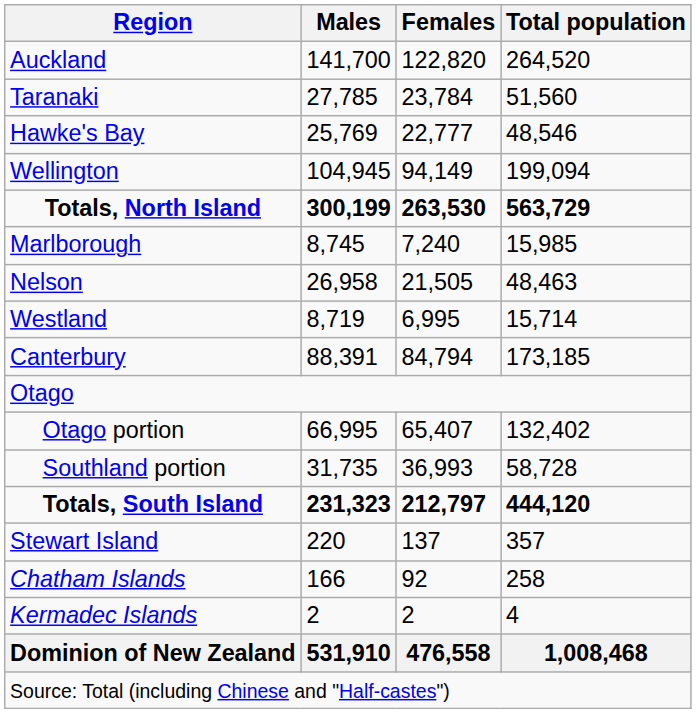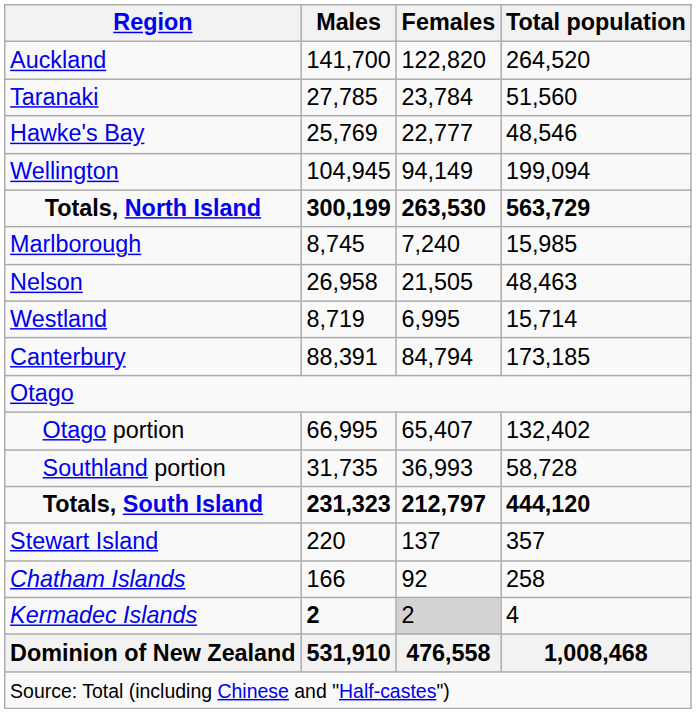 <table class="wikitable" style="text-align:left">
 <tr>
 <th><a href='#'>Region</a></th>
 <th>Males</th>
 <th>Females</th>
 <th>Total population</th>
 </tr>
 <tr>
 <td><a href='#'>Auckland</a></td>
 <td>141,700</td>
 <td>122,820</td>
 <td>264,520</td>
 </tr>
 <tr>
 <td><a href='#'>Taranaki</a></td>
 <td>27,785</td>
 <td>23,784</td>
 <td>51,560</td>
 </tr>
 <tr>
 <td><a href='#'>Hawke's Bay</a></td>
 <td>25,769</td>
 <td>22,777</td>
 <td>48,546</td>
 </tr>
 <tr>
 <td><a href='#'>Wellington</a></td>
 <td>104,945</td>
 <td>94,149</td>
 <td>199,094</td>
 </tr>
 <tr>
 <td align=center><strong>Totals, <a href='#'>North Island</a></strong></td>
 <td><strong>300,199</strong></td>
 <td><strong>263,530</strong></td>
 <td><strong>563,729</strong></td>
 </tr>
 <tr>
 <td><a href='#'>Marlborough</a></td>
 <td>8,745</td>
 <td>7,240</td>
 <td>15,985</td>
 </tr>
 <tr>
 <td><a href='#'>Nelson</a></td>
 <td>26,958</td>
 <td>21,505</td>
 <td>48,463</td>
 </tr>
 <tr>
 <td><a href='#'>Westland</a></td>
 <td>8,719</td>
 <td>6,995</td>
 <td>15,714</td>
 </tr>
 <tr>
 <td><a href='#'>Canterbury</a></td>
 <td>88,391</td>
 <td>84,794</td>
 <td>173,185</td>
 </tr>
 <tr>
 <td colspan="6" style="text-align:left;"><a href='#'>Otago</a></td>
 </tr>
 <tr>
 <td align=left>     <a href='#'>Otago</a> portion</td>
 <td>66,995</td>
 <td>65,407</td>
 <td>132,402</td>
 </tr>
 <tr>
 <td align=left>     <a href='#'>Southland</a> portion</td>
 <td>31,735</td>
 <td>36,993</td>
 <td>58,728</td>
 </tr>
 <tr>
 <td align=center><strong>Totals, <a href='#'>South Island</a></strong></td>
 <td><strong>231,323</strong></td>
 <td><strong>212,797</strong></td>
 <td><strong>444,120</strong></td>
 </tr>
 <tr>
 <td align=left><a href='#'>Stewart Island</a></td>
 <td>220</td>
 <td>137</td>
 <td>357</td>
 </tr>
 <tr>
 <td align=left><em><a href='#'>Chatham Islands</a></em></td>
 <td>166</td>
 <td>92</td>
 <td>258</td>
 </tr>
 <tr>
 <td align=left><em><a href='#'>Kermadec Islands</a></em></td>
-<td>2</td>
-<td>2</td>
+<td><strong>2</strong></td>
+<td style="background: lightgrey;">2</td>
 <td>4</td>
 </tr>
 <tr>
 <th> Dominion of New Zealand</th>
 <th>531,910</th>
 <th>476,558</th>
 <th>1,008,468</th>
 </tr>
 <tr>
 <td colspan="4" style="text-align:left;"><small>Source:</small><small> Total (including <a href='#'>Chinese</a> and "<a href='#'>Half-castes</a>")</small></td>
 </tr>
 </table>
